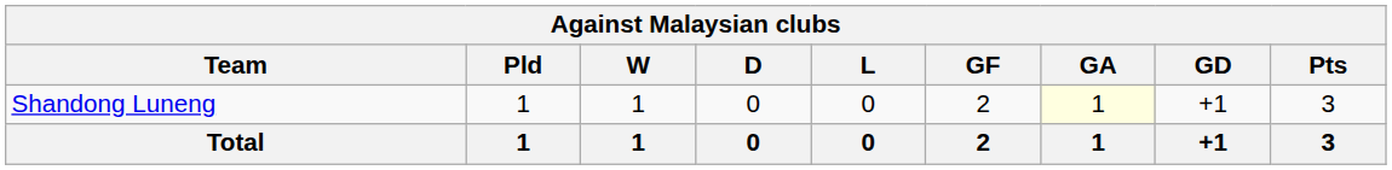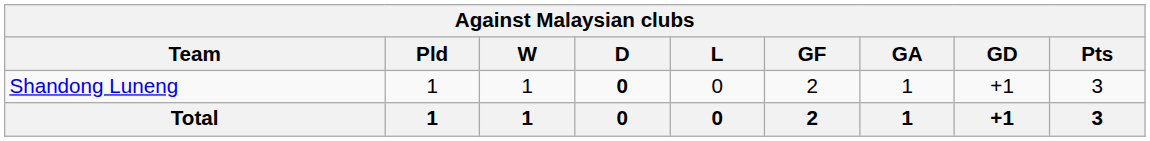 <table width=70% class="wikitable" style="text-align:center">
 <tr>
 <th colspan=9>Against Malaysian clubs</th>
 </tr>
 <tr>
 <th width=20%>Team</th>
 <th width=5%>Pld</th>
 <th width=5%>W</th>
 <th width=5%>D</th>
 <th width=5%>L</th>
 <th width=5%>GF</th>
 <th width=5%>GA</th>
 <th width=5%>GD</th>
 <th width=5%>Pts</th>
 </tr>
 <tr>
 <td align=left> <a href='#'>Shandong Luneng</a></td>
 <td>1</td>
 <td>1</td>
-<td>0</td>
+<td><strong>0</strong></td>
 <td>0</td>
 <td>2</td>
-<td style="background: lightyellow;">1</td>
+<td>1</td>
 <td>+1</td>
 <td>3</td>
 </tr>
 <tr>
 <th>Total</th>
 <th>1</th>
 <th>1</th>
 <th>0</th>
 <th>0</th>
 <th>2</th>
 <th>1</th>
 <th>+1</th>
 <th>3</th>
 </tr>
 </table>
